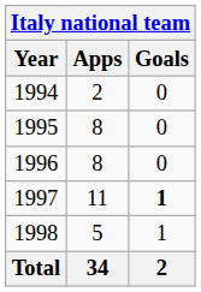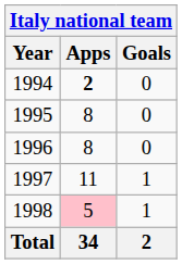 <table class="wikitable" style="text-align:center">
 <tr>
 <th colspan=3><a href='#'>Italy national team</a></th>
 </tr>
 <tr>
 <th>Year</th>
 <th>Apps</th>
 <th>Goals</th>
 </tr>
 <tr>
 <td>1994</td>
-<td>2</td>
+<td><strong>2</strong></td>
 <td>0</td>
 </tr>
 <tr>
 <td>1995</td>
 <td>8</td>
 <td>0</td>
 </tr>
 <tr>
 <td>1996</td>
 <td>8</td>
 <td>0</td>
 </tr>
 <tr>
 <td>1997</td>
 <td>11</td>
-<td><strong>1</strong></td>
+<td>1</td>
 </tr>
 <tr>
 <td>1998</td>
-<td>5</td>
+<td style="background: pink;">5</td>
 <td>1</td>
 </tr>
 <tr>
 <th>Total</th>
 <th>34</th>
 <th>2</th>
 </tr>
 </table>
